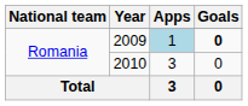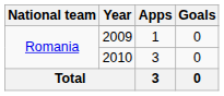 <table class="wikitable" style="text-align: center">
 <tr>
 <th>National team</th>
 <th>Year</th>
 <th>Apps</th>
 <th>Goals</th>
 </tr>
 <tr>
 <td rowspan="3"><a href='#'>Romania</a></td>
 </tr>
 <tr>
 <td>2009</td>
-<td style="background: lightblue;">1</td>
-<td><strong>0</strong></td>
+<td>1</td>
+<td>0</td>
 </tr>
 <tr>
 <td>2010</td>
 <td>3</td>
 <td>0</td>
 </tr>
 <tr>
 <th colspan="2">Total</th>
 <th>3</th>
 <th>0</th>
 </tr>
 </table>
